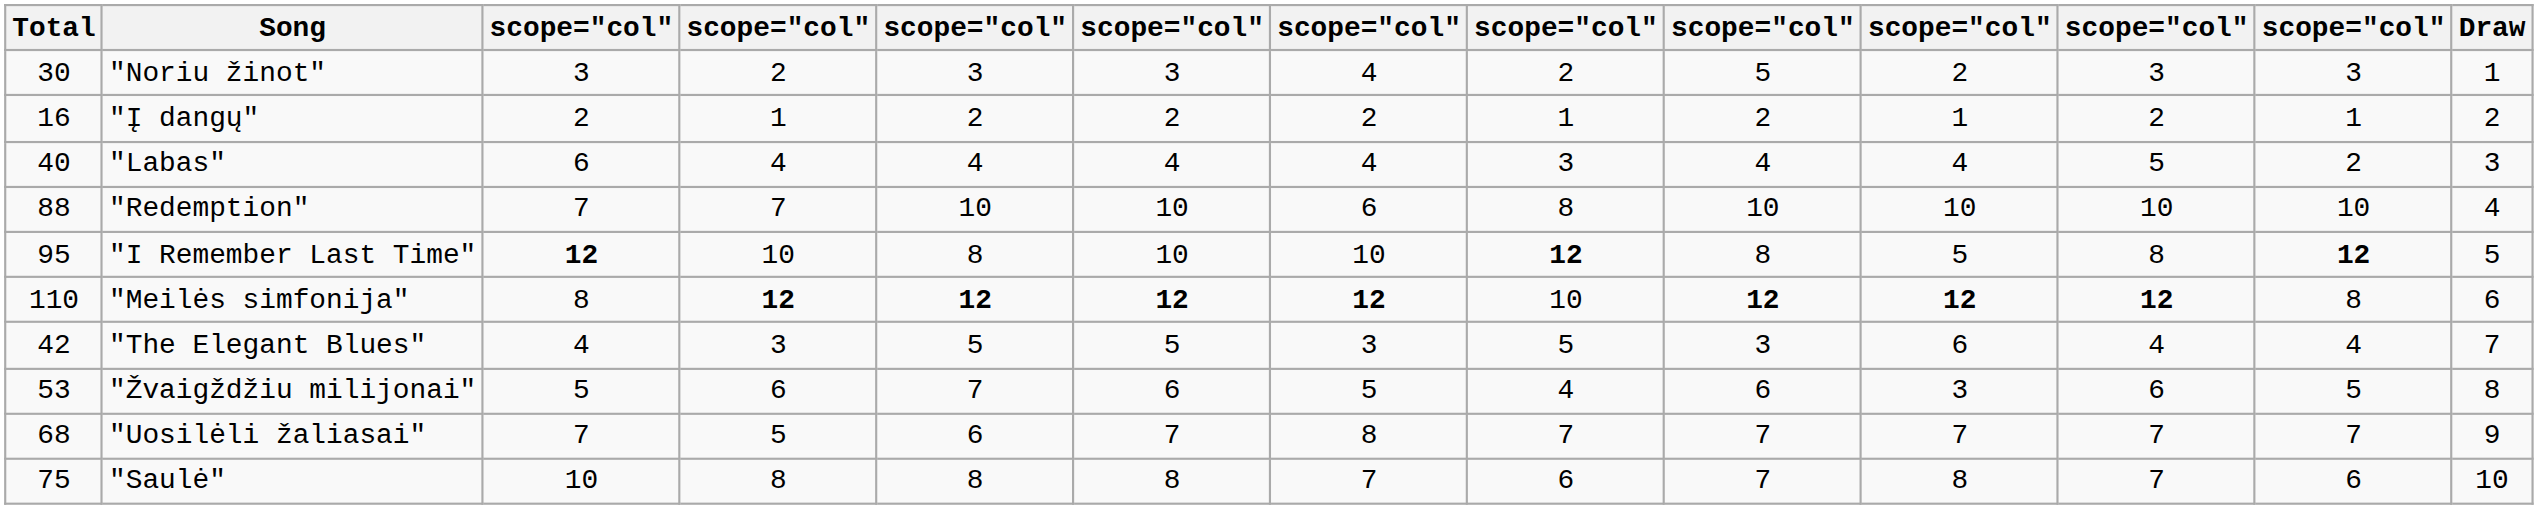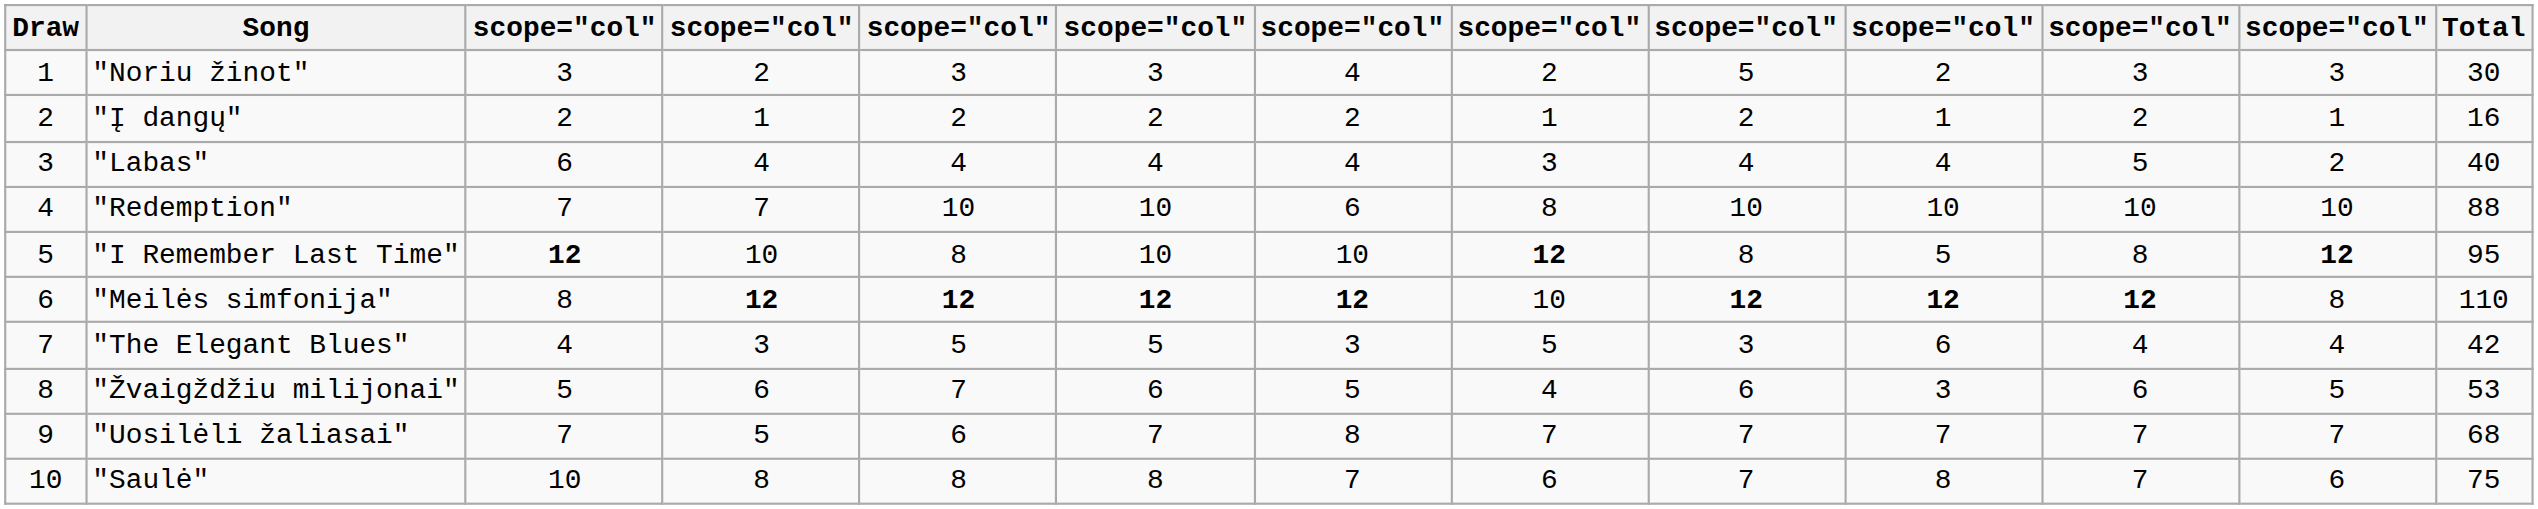 <table class="wikitable collapsible" style="margin: 1em auto 1em auto; text-align:center">
 <tr>
-<th>Total</th>
+<th>Draw</th>
 <th>Song</th>
 <th>scope="col" </th>
 <th>scope="col" </th>
 <th>scope="col" </th>
 <th>scope="col" </th>
 <th>scope="col" </th>
 <th>scope="col" </th>
 <th>scope="col" </th>
 <th>scope="col" </th>
 <th>scope="col" </th>
 <th>scope="col" </th>
-<th>Draw</th>
+<th>Total</th>
 </tr>
 <tr>
-<td>30</td>
+<td>1</td>
 <td align="left">"Noriu žinot"</td>
 <td>3</td>
 <td>2</td>
 <td>3</td>
 <td>3</td>
 <td>4</td>
 <td>2</td>
 <td>5</td>
 <td>2</td>
 <td>3</td>
 <td>3</td>
-<td>1</td>
+<td>30</td>
 </tr>
 <tr>
-<td>16</td>
+<td>2</td>
 <td align="left">"Į dangų"</td>
 <td>2</td>
 <td>1</td>
 <td>2</td>
 <td>2</td>
 <td>2</td>
 <td>1</td>
 <td>2</td>
 <td>1</td>
 <td>2</td>
 <td>1</td>
-<td>2</td>
+<td>16</td>
 </tr>
 <tr>
-<td>40</td>
+<td>3</td>
 <td align="left">"Labas"</td>
 <td>6</td>
 <td>4</td>
 <td>4</td>
 <td>4</td>
 <td>4</td>
 <td>3</td>
 <td>4</td>
 <td>4</td>
 <td>5</td>
 <td>2</td>
-<td>3</td>
+<td>40</td>
 </tr>
 <tr>
-<td>88</td>
+<td>4</td>
 <td align="left">"Redemption"</td>
 <td>7</td>
 <td>7</td>
 <td>10</td>
 <td>10</td>
 <td>6</td>
 <td>8</td>
 <td>10</td>
 <td>10</td>
 <td>10</td>
 <td>10</td>
-<td>4</td>
+<td>88</td>
 </tr>
 <tr>
-<td>95</td>
+<td>5</td>
 <td align="left">"I Remember Last Time"</td>
 <td><strong>12</strong></td>
 <td>10</td>
 <td>8</td>
 <td>10</td>
 <td>10</td>
 <td><strong>12</strong></td>
 <td>8</td>
 <td>5</td>
 <td>8</td>
 <td><strong>12</strong></td>
-<td>5</td>
+<td>95</td>
 </tr>
 <tr>
-<td>110</td>
+<td>6</td>
 <td align="left">"Meilės simfonija"</td>
 <td>8</td>
 <td><strong>12</strong></td>
 <td><strong>12</strong></td>
 <td><strong>12</strong></td>
 <td><strong>12</strong></td>
 <td>10</td>
 <td><strong>12</strong></td>
 <td><strong>12</strong></td>
 <td><strong>12</strong></td>
 <td>8</td>
-<td>6</td>
+<td>110</td>
 </tr>
 <tr>
-<td>42</td>
+<td>7</td>
 <td align="left">"The Elegant Blues"</td>
 <td>4</td>
 <td>3</td>
 <td>5</td>
 <td>5</td>
 <td>3</td>
 <td>5</td>
 <td>3</td>
 <td>6</td>
 <td>4</td>
 <td>4</td>
-<td>7</td>
+<td>42</td>
 </tr>
 <tr>
-<td>53</td>
+<td>8</td>
 <td align="left">"Žvaigždžiu milijonai"</td>
 <td>5</td>
 <td>6</td>
 <td>7</td>
 <td>6</td>
 <td>5</td>
 <td>4</td>
 <td>6</td>
 <td>3</td>
 <td>6</td>
 <td>5</td>
-<td>8</td>
+<td>53</td>
 </tr>
 <tr>
-<td>68</td>
+<td>9</td>
 <td align="left">"Uosilėli žaliasai"</td>
 <td>7</td>
 <td>5</td>
 <td>6</td>
 <td>7</td>
 <td>8</td>
 <td>7</td>
 <td>7</td>
 <td>7</td>
 <td>7</td>
 <td>7</td>
-<td>9</td>
+<td>68</td>
 </tr>
 <tr>
-<td>75</td>
+<td>10</td>
 <td align="left">"Saulė"</td>
 <td>10</td>
 <td>8</td>
 <td>8</td>
 <td>8</td>
 <td>7</td>
 <td>6</td>
 <td>7</td>
 <td>8</td>
 <td>7</td>
 <td>6</td>
-<td>10</td>
+<td>75</td>
 </tr>
 </table>
